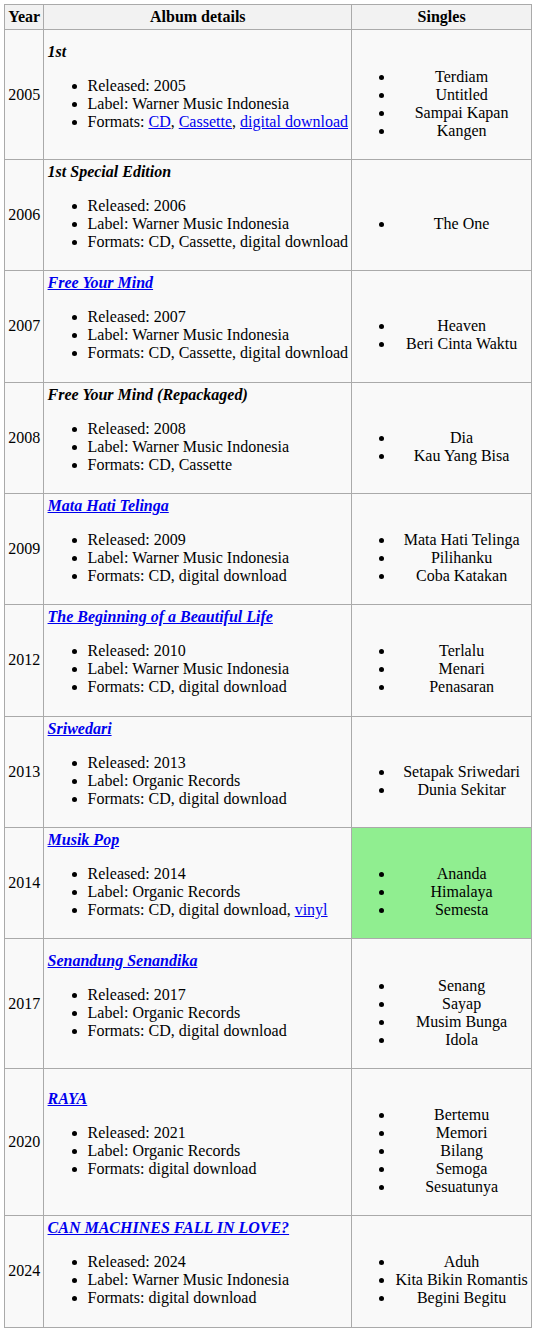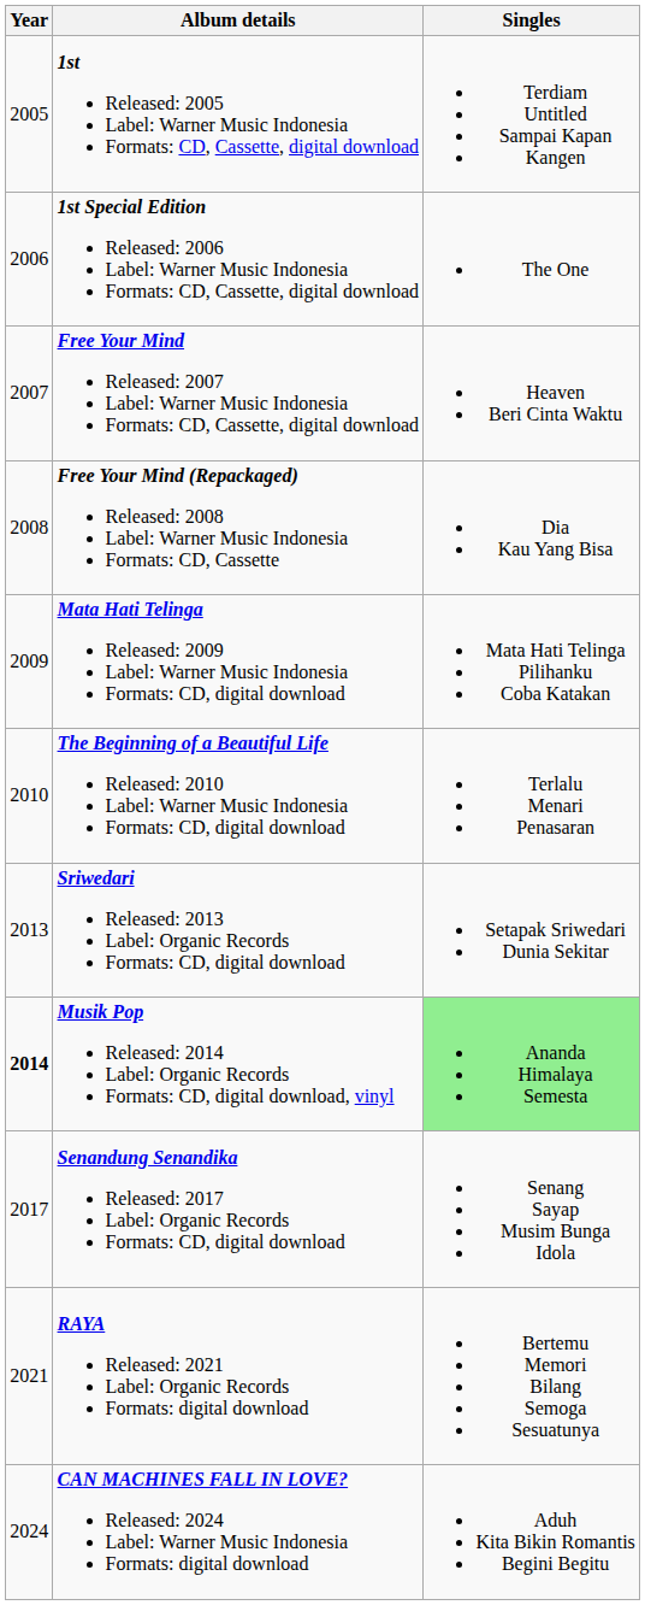 <table class="wikitable" style="text-align:center">
 <tr>
 <th rowspan="1">Year</th>
 <th rowspan="1">Album details</th>
 <th rowspan="1">Singles</th>
 </tr>
 <tr>
 <td>2005</td>
 <td align="left"><strong><em>1st</em></strong><br><ul><li>Released: 2005</li><li>Label: Warner Music Indonesia</li><li>Formats: <a href='#'>CD</a>, <a href='#'>Cassette</a>, <a href='#'>digital download</a></li></ul></td>
 <td><br><ul><li>Terdiam</li><li>Untitled</li><li>Sampai Kapan</li><li>Kangen</li></ul></td>
 </tr>
 <tr>
 <td>2006</td>
 <td align="left"><strong><em>1st Special Edition</em></strong><br><ul><li>Released: 2006</li><li>Label: Warner Music Indonesia</li><li>Formats: CD, Cassette, digital download</li></ul></td>
 <td><br><ul><li>The One</li></ul></td>
 </tr>
 <tr>
 <td>2007</td>
 <td align="left"><strong><em><a href='#'>Free Your Mind</a></em></strong><br><ul><li>Released: 2007</li><li>Label: Warner Music Indonesia</li><li>Formats: CD, Cassette, digital download</li></ul></td>
 <td><br><ul><li>Heaven</li><li>Beri Cinta Waktu</li></ul></td>
 </tr>
 <tr>
 <td>2008</td>
 <td align="left"><strong><em>Free Your Mind (Repackaged)</em></strong><br><ul><li>Released: 2008</li><li>Label: Warner Music Indonesia</li><li>Formats: CD, Cassette</li></ul></td>
 <td><br><ul><li>Dia</li><li>Kau Yang Bisa</li></ul></td>
 </tr>
 <tr>
 <td>2009</td>
 <td align="left"><strong><em><a href='#'>Mata Hati Telinga</a></em></strong><br><ul><li>Released: 2009</li><li>Label: Warner Music Indonesia</li><li>Formats: CD, digital download</li></ul></td>
 <td><br><ul><li>Mata Hati Telinga</li><li>Pilihanku</li><li>Coba Katakan</li></ul></td>
 </tr>
 <tr>
-<td>2012</td>
+<td>2010</td>
 <td align="left"><strong><em><a href='#'>The Beginning of a Beautiful Life</a></em></strong><br><ul><li>Released: 2010</li><li>Label: Warner Music Indonesia</li><li>Formats: CD, digital download</li></ul></td>
 <td><br><ul><li>Terlalu</li><li>Menari</li><li>Penasaran</li></ul></td>
 </tr>
 <tr>
 <td>2013</td>
 <td align="left"><strong><em><a href='#'>Sriwedari</a></em></strong><br><ul><li>Released: 2013</li><li>Label: Organic Records</li><li>Formats: CD, digital download</li></ul></td>
 <td><br><ul><li>Setapak Sriwedari</li><li>Dunia Sekitar</li></ul></td>
 </tr>
 <tr>
-<td>2014</td>
+<td><strong>2014</strong></td>
 <td align="left"><strong><em><a href='#'>Musik Pop</a></em></strong><br><ul><li>Released: 2014</li><li>Label: Organic Records</li><li>Formats: CD, digital download, <a href='#'>vinyl</a></li></ul></td>
 <td style="background: lightgreen;"><br><ul><li>Ananda</li><li>Himalaya</li><li>Semesta</li></ul></td>
 </tr>
 <tr>
 <td>2017</td>
 <td align="left"><strong><em><a href='#'>Senandung Senandika</a></em></strong><br><ul><li>Released: 2017</li><li>Label: Organic Records</li><li>Formats: CD, digital download</li></ul></td>
 <td><br><ul><li>Senang</li><li>Sayap</li><li>Musim Bunga</li><li>Idola</li></ul></td>
 </tr>
 <tr>
-<td>2020</td>
+<td>2021</td>
 <td align="left"><strong><em><a href='#'>RAYA</a></em></strong><br><ul><li>Released: 2021</li><li>Label: Organic Records</li><li>Formats: digital download</li></ul></td>
 <td><br><ul><li>Bertemu</li><li>Memori</li><li>Bilang</li><li>Semoga</li><li>Sesuatunya</li></ul></td>
 </tr>
 <tr>
 <td>2024</td>
 <td align="left"><strong><em><a href='#'>CAN MACHINES FALL IN LOVE?</a></em></strong><br><ul><li>Released: 2024</li><li>Label: Warner Music Indonesia</li><li>Formats: digital download</li></ul></td>
 <td><br><ul><li>Aduh</li><li>Kita Bikin Romantis</li><li>Begini Begitu</li></ul></td>
 </tr>
 <tr>
 </tr>
 </table>
